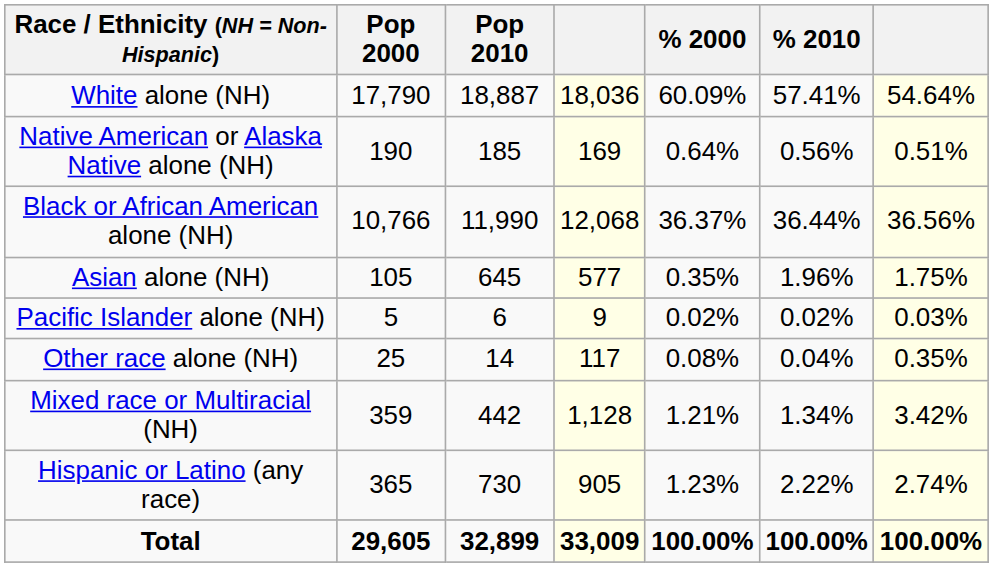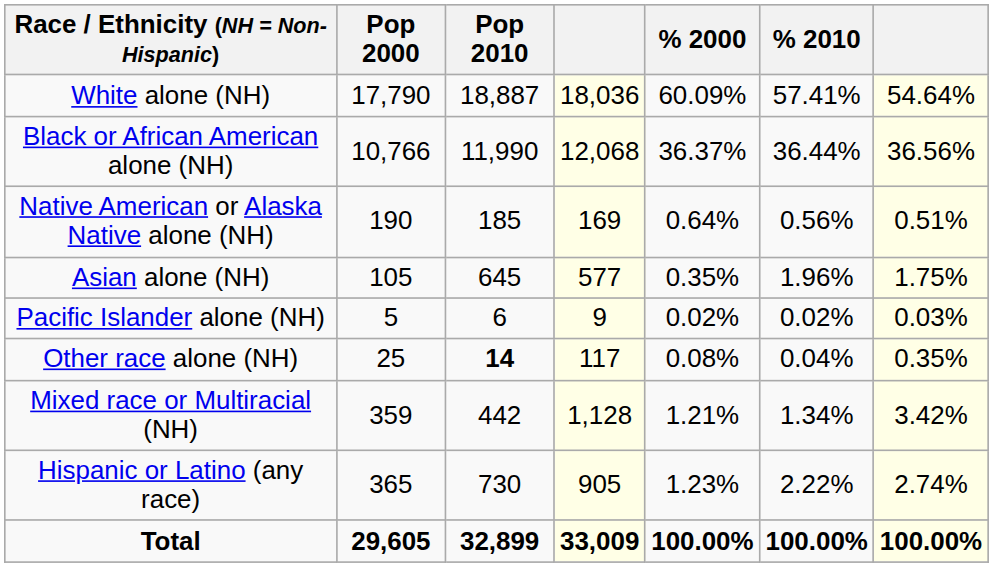 <table class="wikitable" style="text-align:center;">
 <tr>
 <th>Race / Ethnicity <small>(<em>NH = Non-Hispanic</em>)</small></th>
 <th>Pop 2000</th>
 <th>Pop 2010</th>
 <th></th>
 <th>% 2000</th>
 <th>% 2010</th>
 <th></th>
 </tr>
 <tr>
 <td><a href='#'>White</a> alone (NH)</td>
 <td>17,790</td>
 <td>18,887</td>
 <td style='background: #ffffe6;'>18,036</td>
 <td>60.09%</td>
 <td>57.41%</td>
 <td style='background: #ffffe6;'>54.64%</td>
 </tr>
 <tr>
+<td><a href='#'>Black or African American</a> alone (NH)</td>
+<td>10,766</td>
+<td>11,990</td>
+<td style='background: #ffffe6;'>12,068</td>
+<td>36.37%</td>
+<td>36.44%</td>
+<td style='background: #ffffe6;'>36.56%</td>
+</tr>
+<tr>
 <td><a href='#'>Native American</a> or <a href='#'>Alaska Native</a> alone (NH)</td>
 <td>190</td>
 <td>185</td>
 <td style='background: #ffffe6;'>169</td>
 <td>0.64%</td>
 <td>0.56%</td>
 <td style='background: #ffffe6;'>0.51%</td>
-</tr>
-<tr>
-<td><a href='#'>Black or African American</a> alone (NH)</td>
-<td>10,766</td>
-<td>11,990</td>
-<td style='background: #ffffe6;'>12,068</td>
-<td>36.37%</td>
-<td>36.44%</td>
-<td style='background: #ffffe6;'>36.56%</td>
 </tr>
 <tr>
 <td><a href='#'>Asian</a> alone (NH)</td>
 <td>105</td>
 <td>645</td>
 <td style='background: #ffffe6;'>577</td>
 <td>0.35%</td>
 <td>1.96%</td>
 <td style='background: #ffffe6;'>1.75%</td>
 </tr>
 <tr>
 <td><a href='#'>Pacific Islander</a> alone (NH)</td>
 <td>5</td>
 <td>6</td>
 <td style='background: #ffffe6;'>9</td>
 <td>0.02%</td>
 <td>0.02%</td>
 <td style='background: #ffffe6;'>0.03%</td>
 </tr>
 <tr>
 <td><a href='#'>Other race</a> alone (NH)</td>
 <td>25</td>
-<td>14</td>
+<td><strong>14</strong></td>
 <td style='background: #ffffe6;'>117</td>
 <td>0.08%</td>
 <td>0.04%</td>
 <td style='background: #ffffe6;'>0.35%</td>
 </tr>
 <tr>
 <td><a href='#'>Mixed race or Multiracial</a> (NH)</td>
 <td>359</td>
 <td>442</td>
 <td style='background: #ffffe6;'>1,128</td>
 <td>1.21%</td>
 <td>1.34%</td>
 <td style='background: #ffffe6;'>3.42%</td>
 </tr>
 <tr>
 <td><a href='#'>Hispanic or Latino</a> (any race)</td>
 <td>365</td>
 <td>730</td>
 <td style='background: #ffffe6;'>905</td>
 <td>1.23%</td>
 <td>2.22%</td>
 <td style='background: #ffffe6;'>2.74%</td>
 </tr>
 <tr>
 <td><strong>Total</strong></td>
 <td><strong>29,605</strong></td>
 <td><strong>32,899</strong></td>
 <td style='background: #ffffe6;'><strong>33,009</strong></td>
 <td><strong>100.00%</strong></td>
 <td><strong>100.00%</strong></td>
 <td style='background: #ffffe6;'><strong>100.00%</strong></td>
 </tr>
 </table>
